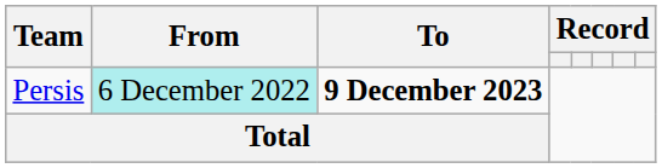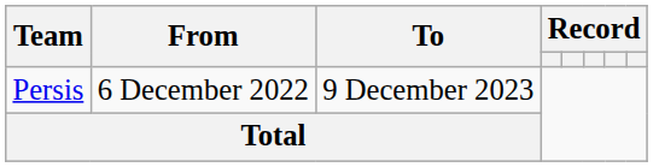 <table class=wikitable style="text-align:center">
 <tr>
 <th rowspan=2>Team</th>
 <th rowspan=2>From</th>
 <th rowspan=2>To</th>
 <th colspan=5>Record</th>
 </tr>
 <tr>
 <th></th>
 <th></th>
 <th></th>
 <th></th>
 <th></th>
 </tr>
 <tr>
 <td align=left><a href='#'>Persis</a></td>
-<td align=left style="background: paleturquoise;">6 December 2022</td>
-<td align=left><strong>9 December 2023<br></strong></td>
+<td align=left>6 December 2022</td>
+<td align=left>9 December 2023<br></td>
 </tr>
 <tr>
 <th colspan=3>Total<br></th>
 </tr>
 </table>
